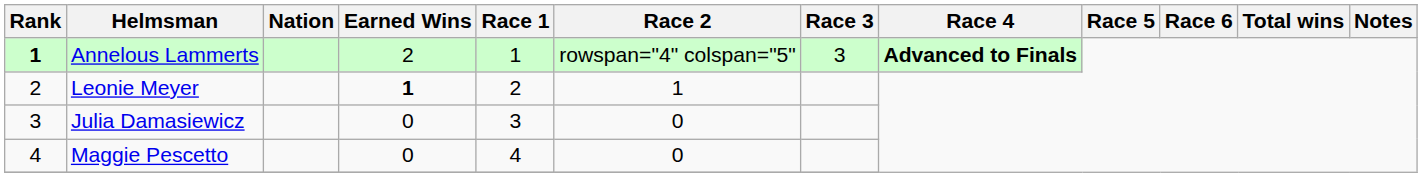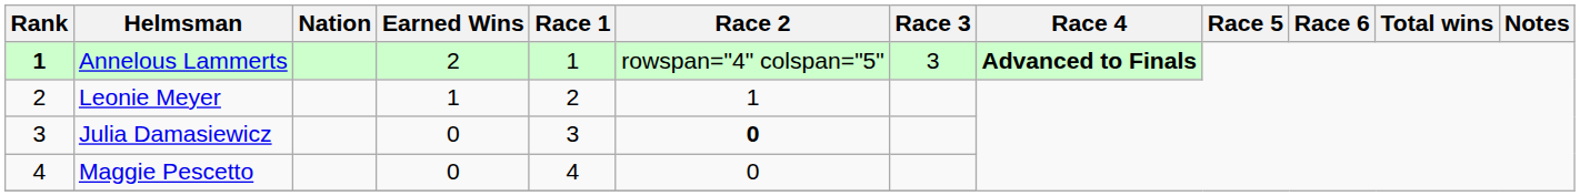 <table class="wikitable sortable" style="text-align:center">
 <tr>
 <th>Rank</th>
 <th>Helmsman</th>
 <th>Nation</th>
 <th>Earned Wins</th>
 <th>Race 1</th>
 <th>Race 2</th>
 <th>Race 3</th>
 <th>Race 4</th>
 <th>Race 5</th>
 <th>Race 6</th>
 <th>Total wins</th>
 <th>Notes</th>
 </tr>
 <tr bgcolor=ccffcc>
 <td><strong>1</strong></td>
 <td align="left"><a href='#'>Annelous Lammerts</a></td>
 <td align="left"></td>
 <td>2</td>
 <td>1</td>
 <td>rowspan="4" colspan="5" </td>
 <td>3</td>
 <td><strong>Advanced to Finals</strong></td>
 </tr>
 <tr>
 <td>2</td>
 <td align="left"><a href='#'>Leonie Meyer</a></td>
 <td align="left"></td>
-<td><strong>1</strong></td>
+<td>1</td>
 <td>2</td>
 <td>1</td>
 <td></td>
 </tr>
 <tr>
 <td>3</td>
 <td align="left"><a href='#'>Julia Damasiewicz</a></td>
 <td align="left"></td>
 <td>0</td>
 <td>3</td>
-<td>0</td>
+<td><strong>0</strong></td>
 <td></td>
 </tr>
 <tr>
 <td>4</td>
 <td align="left"><a href='#'>Maggie Pescetto</a></td>
 <td align="left"></td>
 <td>0</td>
 <td>4</td>
 <td>0</td>
 <td></td>
 </tr>
 <tr>
 </tr>
 </table>
